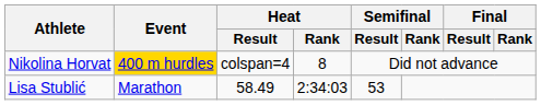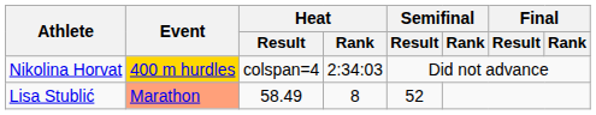 <table class="wikitable" style="font-size:90%">
 <tr>
 <th rowspan="2">Athlete</th>
 <th rowspan="2">Event</th>
 <th colspan="2">Heat</th>
 <th colspan="2">Semifinal</th>
 <th colspan="2">Final</th>
 </tr>
 <tr style="font-size:95%">
 <th>Result</th>
 <th>Rank</th>
 <th>Result</th>
 <th>Rank</th>
 <th>Result</th>
 <th>Rank</th>
 </tr>
 <tr align=center>
 <td align=left><a href='#'>Nikolina Horvat</a></td>
 <td align=left style="background: gold;"><a href='#'>400 m hurdles</a></td>
 <td>colspan=4 </td>
-<td>8</td>
+<td>2:34:03</td>
 <td colspan=4>Did not advance</td>
 </tr>
 <tr align=center>
 <td align=left><a href='#'>Lisa Stublić</a></td>
-<td align=left><a href='#'>Marathon</a></td>
+<td align=left style="background: lightsalmon;"><a href='#'>Marathon</a></td>
 <td>58.49</td>
-<td>2:34:03</td>
-<td>53</td>
+<td>8</td>
+<td>52</td>
 </tr>
 </table>
